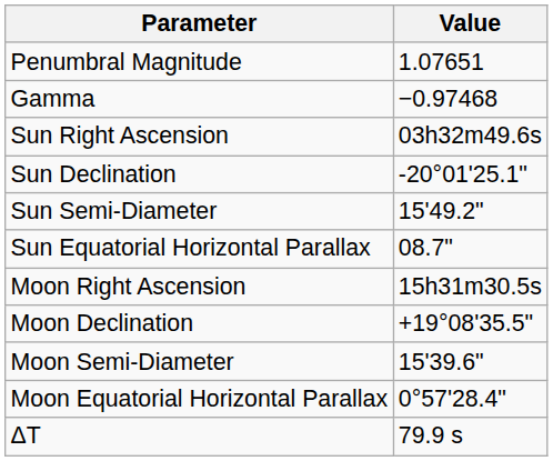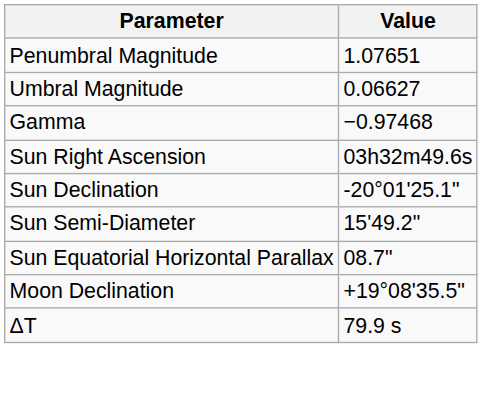 <table class="wikitable">
 <tr>
 <th>Parameter</th>
 <th>Value</th>
 </tr>
 <tr>
 <td>Penumbral Magnitude</td>
 <td>1.07651</td>
+</tr>
+<tr>
+<td>Umbral Magnitude</td>
+<td>0.06627</td>
 </tr>
 <tr>
 <td>Gamma</td>
 <td>−0.97468</td>
 </tr>
 <tr>
 <td>Sun Right Ascension</td>
 <td>03h32m49.6s</td>
 </tr>
 <tr>
 <td>Sun Declination</td>
 <td>-20°01'25.1"</td>
 </tr>
 <tr>
 <td>Sun Semi-Diameter</td>
 <td>15'49.2"</td>
 </tr>
 <tr>
 <td>Sun Equatorial Horizontal Parallax</td>
 <td>08.7"</td>
 </tr>
 <tr>
-<td>Moon Right Ascension</td>
-<td>15h31m30.5s</td>
-</tr>
-<tr>
 <td>Moon Declination</td>
 <td>+19°08'35.5"</td>
-</tr>
-<tr>
-<td>Moon Semi-Diameter</td>
-<td>15'39.6"</td>
-</tr>
-<tr>
-<td>Moon Equatorial Horizontal Parallax</td>
-<td>0°57'28.4"</td>
 </tr>
 <tr>
 <td>ΔT</td>
 <td>79.9 s</td>
 </tr>
 </table>
